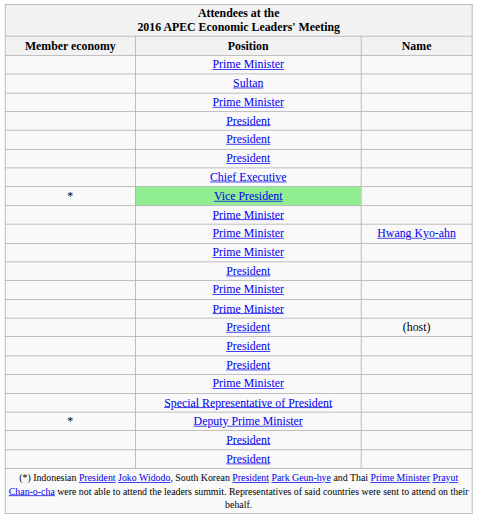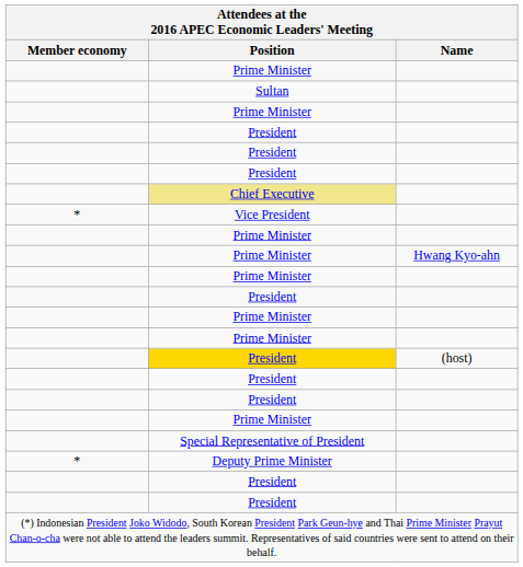 <table class="wikitable collapsible sortable collapsed" style="margin-left: auto; margin-right: auto; text-align:center; width:50%;">
 <tr>
 <th colspan=4>Attendees at the<br>2016 APEC Economic Leaders' Meeting</th>
 </tr>
 <tr>
 <th>Member economy</th>
 <th>Position</th>
 <th>Name</th>
 </tr>
 <tr>
 <td></td>
 <td><a href='#'>Prime Minister</a></td>
 <td></td>
 </tr>
 <tr>
 <td></td>
 <td><a href='#'>Sultan</a></td>
 <td></td>
 </tr>
 <tr>
 <td></td>
 <td><a href='#'>Prime Minister</a></td>
 <td></td>
 </tr>
 <tr>
 <td></td>
 <td><a href='#'>President</a></td>
 <td></td>
 </tr>
 <tr>
 <td></td>
 <td><a href='#'>President</a></td>
 <td></td>
 </tr>
 <tr>
 <td></td>
 <td><a href='#'>President</a></td>
 <td></td>
 </tr>
 <tr>
 <td></td>
-<td><a href='#'>Chief Executive</a></td>
+<td style="background: khaki;"><a href='#'>Chief Executive</a></td>
 <td></td>
 </tr>
 <tr>
 <td>*</td>
-<td style="background: lightgreen;"><a href='#'>Vice President</a></td>
+<td><a href='#'>Vice President</a></td>
 <td></td>
 </tr>
 <tr>
 <td></td>
 <td><a href='#'>Prime Minister</a></td>
 <td></td>
 </tr>
 <tr>
 <td></td>
 <td><a href='#'>Prime Minister</a></td>
 <td><a href='#'>Hwang Kyo-ahn</a></td>
 </tr>
 <tr>
 <td></td>
 <td><a href='#'>Prime Minister</a></td>
 <td></td>
 </tr>
 <tr>
 <td></td>
 <td><a href='#'>President</a></td>
 <td></td>
 </tr>
 <tr>
 <td></td>
 <td><a href='#'>Prime Minister</a></td>
 <td></td>
 </tr>
 <tr>
 <td></td>
 <td><a href='#'>Prime Minister</a></td>
 <td></td>
 </tr>
 <tr>
 <td></td>
-<td><a href='#'>President</a></td>
+<td style="background: gold;"><a href='#'>President</a></td>
 <td> (host)</td>
 </tr>
 <tr>
 <td></td>
 <td><a href='#'>President</a></td>
 <td></td>
 </tr>
 <tr>
 <td></td>
 <td><a href='#'>President</a></td>
 <td></td>
 </tr>
 <tr>
 <td></td>
 <td><a href='#'>Prime Minister</a></td>
 <td></td>
 </tr>
 <tr>
 <td></td>
 <td><a href='#'>Special Representative of President</a></td>
 <td></td>
 </tr>
 <tr>
 <td>*</td>
 <td><a href='#'>Deputy Prime Minister</a></td>
 <td></td>
 </tr>
 <tr>
 <td></td>
 <td><a href='#'>President</a></td>
 <td></td>
 </tr>
 <tr>
 <td></td>
 <td><a href='#'>President</a></td>
 <td></td>
 </tr>
 <tr class="sortbottom">
 <td colspan=3><small>(*) Indonesian <a href='#'>President</a> <a href='#'>Joko Widodo</a>, South Korean <a href='#'>President</a> <a href='#'>Park Geun-hye</a> and Thai <a href='#'>Prime Minister</a> <a href='#'>Prayut Chan-o-cha</a> were not able to attend the leaders summit. Representatives of said countries were sent to attend on their behalf.</small></td>
 </tr>
 </table>
